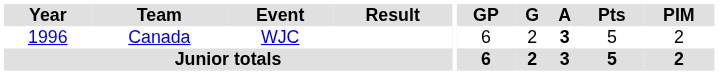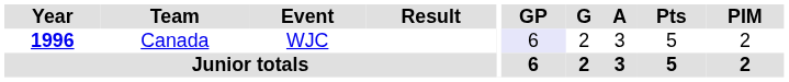 <table border="0" cellpadding="1" cellspacing="0" ID="Table3" style="text-align:center; width:40em">
 <tr ALIGN="center" bgcolor="#e0e0e0">
 <th>Year</th>
 <th>Team</th>
 <th>Event</th>
 <th>Result</th>
 <th rowspan="99" bgcolor="#ffffff"></th>
 <th>GP</th>
 <th>G</th>
 <th>A</th>
 <th>Pts</th>
 <th>PIM</th>
 </tr>
 <tr>
-<td><a href='#'>1996</a></td>
+<td><strong><a href='#'>1996</a></strong></td>
 <td><a href='#'>Canada</a></td>
 <td><a href='#'>WJC</a></td>
 <td></td>
-<td>6</td>
+<td style="background: lavender;">6</td>
 <td>2</td>
-<td><strong>3</strong></td>
+<td>3</td>
 <td>5</td>
 <td>2</td>
 </tr>
 <tr bgcolor="#e0e0e0">
 <th colspan="4">Junior totals</th>
 <th>6</th>
 <th>2</th>
 <th>3</th>
 <th>5</th>
 <th>2</th>
 </tr>
 </table>
